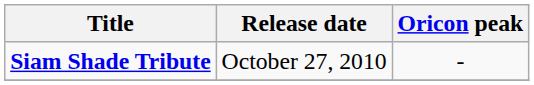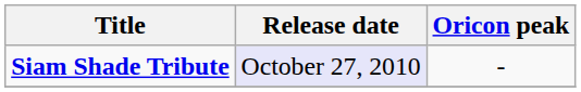 <table class="wikitable">
 <tr>
 <th>Title</th>
 <th>Release date</th>
 <th><a href='#'>Oricon</a> peak</th>
 </tr>
 <tr>
 <td><strong><a href='#'>Siam Shade Tribute</a></strong></td>
-<td>October 27, 2010</td>
+<td style="background: lavender;">October 27, 2010</td>
 <td style="text-align:center;">-</td>
 </tr>
 <tr>
 </tr>
 </table>
